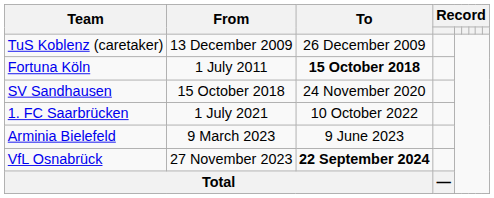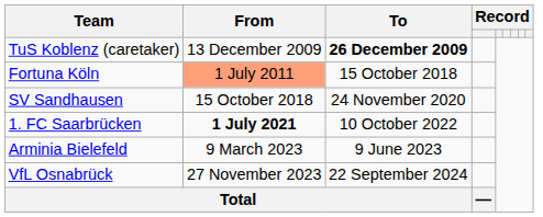 <table class="wikitable" style="text-align: center">
 <tr>
 <th rowspan="2">Team</th>
 <th rowspan="2">From</th>
 <th rowspan="2">To</th>
 <th colspan="6">Record</th>
 </tr>
 <tr>
 <th></th>
 <th></th>
 <th></th>
 <th></th>
 <th></th>
 <th></th>
 </tr>
 <tr>
 <td align=left><a href='#'>TuS Koblenz</a> (caretaker)</td>
 <td>13 December 2009</td>
-<td>26 December 2009<br></td>
+<td><strong>26 December 2009<br></strong></td>
 <td></td>
 </tr>
 <tr>
 <td align=left><a href='#'>Fortuna Köln</a></td>
-<td>1 July 2011</td>
-<td><strong>15 October 2018<br></strong></td>
+<td style="background: lightsalmon;">1 July 2011</td>
+<td>15 October 2018<br></td>
 <td></td>
 </tr>
 <tr>
 <td align=left><a href='#'>SV Sandhausen</a></td>
 <td>15 October 2018</td>
 <td>24 November 2020<br></td>
 <td></td>
 </tr>
 <tr>
 <td align=left><a href='#'>1. FC Saarbrücken</a></td>
-<td>1 July 2021</td>
+<td><strong>1 July 2021</strong></td>
 <td>10 October 2022<br></td>
 <td></td>
 </tr>
 <tr>
 <td align=left><a href='#'>Arminia Bielefeld</a></td>
 <td>9 March 2023</td>
 <td>9 June 2023<br></td>
 <td></td>
 </tr>
 <tr>
 <td align=left><a href='#'>VfL Osnabrück</a></td>
 <td>27 November 2023</td>
-<td><strong>22 September 2024<br></strong></td>
+<td>22 September 2024<br></td>
 <td></td>
 </tr>
 <tr>
 <th colspan="3">Total<br></th>
 <th>—</th>
 </tr>
 </table>
